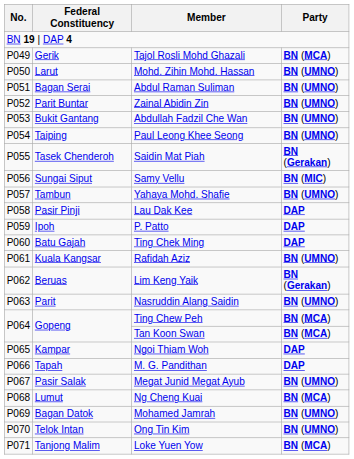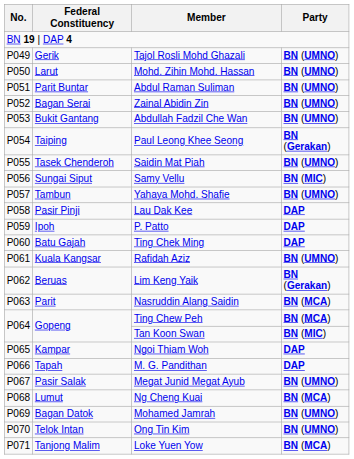 <table class="wikitable sortable">
 <tr>
 <th style="width:30px;">No.</th>
 <th style="width:150px;">Federal Constituency</th>
 <th style="width:230px;">Member</th>
 <th style="width:100px;">Party</th>
 </tr>
 <tr>
 <td colspan="4"><a href='#'>BN</a> <strong>19</strong> | <a href='#'>DAP</a> <strong>4</strong></td>
 </tr>
 <tr>
 <td>P049</td>
 <td><a href='#'>Gerik</a></td>
 <td><a href='#'>Tajol Rosli Mohd Ghazali</a></td>
-<td><strong><a href='#'>BN</a></strong> (<strong><a href='#'>MCA</a></strong>)</td>
+<td><strong><a href='#'>BN</a></strong> (<strong><a href='#'>UMNO</a></strong>)</td>
 </tr>
 <tr>
 <td>P050</td>
 <td><a href='#'>Larut</a></td>
 <td><a href='#'>Mohd. Zihin Mohd. Hassan</a></td>
 <td><strong><a href='#'>BN</a></strong> (<strong><a href='#'>UMNO</a></strong>)</td>
 </tr>
 <tr>
 <td>P051</td>
-<td><a href='#'>Bagan Serai</a></td>
+<td><a href='#'>Parit Buntar</a></td>
 <td><a href='#'>Abdul Raman Suliman</a></td>
 <td><strong><a href='#'>BN</a></strong> (<strong><a href='#'>UMNO</a></strong>)</td>
 </tr>
 <tr>
 <td>P052</td>
-<td><a href='#'>Parit Buntar</a></td>
+<td><a href='#'>Bagan Serai</a></td>
 <td><a href='#'>Zainal Abidin Zin</a></td>
 <td><strong><a href='#'>BN</a></strong> (<strong><a href='#'>UMNO</a></strong>)</td>
 </tr>
 <tr>
 <td>P053</td>
 <td><a href='#'>Bukit Gantang</a></td>
 <td><a href='#'>Abdullah Fadzil Che Wan</a></td>
 <td><strong><a href='#'>BN</a></strong> (<strong><a href='#'>UMNO</a></strong>)</td>
 </tr>
 <tr>
 <td>P054</td>
 <td><a href='#'>Taiping</a></td>
 <td><a href='#'>Paul Leong Khee Seong</a></td>
-<td><strong><a href='#'>BN</a></strong> (<strong><a href='#'>UMNO</a></strong>)</td>
+<td><strong><a href='#'>BN</a></strong> (<strong><a href='#'>Gerakan</a></strong>)</td>
 </tr>
 <tr>
 <td>P055</td>
 <td><a href='#'>Tasek Chenderoh</a></td>
 <td><a href='#'>Saidin Mat Piah</a></td>
-<td><strong><a href='#'>BN</a></strong> (<strong><a href='#'>Gerakan</a></strong>)</td>
+<td><strong><a href='#'>BN</a></strong> (<strong><a href='#'>UMNO</a></strong>)</td>
 </tr>
 <tr>
 <td>P056</td>
 <td><a href='#'>Sungai Siput</a></td>
 <td><a href='#'>Samy Vellu</a></td>
 <td><strong><a href='#'>BN</a></strong> (<strong><a href='#'>MIC</a></strong>)</td>
 </tr>
 <tr>
 <td>P057</td>
 <td><a href='#'>Tambun</a></td>
 <td><a href='#'>Yahaya Mohd. Shafie</a></td>
 <td><strong><a href='#'>BN</a></strong> (<strong><a href='#'>UMNO</a></strong>)</td>
 </tr>
 <tr>
 <td>P058</td>
 <td><a href='#'>Pasir Pinji</a></td>
 <td><a href='#'>Lau Dak Kee</a></td>
 <td><strong><a href='#'>DAP</a></strong></td>
 </tr>
 <tr>
 <td>P059</td>
 <td><a href='#'>Ipoh</a></td>
 <td><a href='#'>P. Patto</a></td>
 <td><strong><a href='#'>DAP</a></strong></td>
 </tr>
 <tr>
 <td>P060</td>
 <td><a href='#'>Batu Gajah</a></td>
 <td><a href='#'>Ting Chek Ming</a></td>
 <td><strong><a href='#'>DAP</a></strong></td>
 </tr>
 <tr>
 <td>P061</td>
 <td><a href='#'>Kuala Kangsar</a></td>
 <td><a href='#'>Rafidah Aziz</a></td>
 <td><strong><a href='#'>BN</a></strong> (<strong><a href='#'>UMNO</a></strong>)</td>
 </tr>
 <tr>
 <td>P062</td>
 <td><a href='#'>Beruas</a></td>
 <td><a href='#'>Lim Keng Yaik</a></td>
 <td><strong><a href='#'>BN</a></strong> (<strong><a href='#'>Gerakan</a></strong>)</td>
 </tr>
 <tr>
 <td>P063</td>
 <td><a href='#'>Parit</a></td>
 <td><a href='#'>Nasruddin Alang Saidin</a></td>
-<td><strong><a href='#'>BN</a></strong> (<strong><a href='#'>UMNO</a></strong>)</td>
+<td><strong><a href='#'>BN</a></strong> (<strong><a href='#'>MCA</a></strong>)</td>
 </tr>
 <tr>
 <td rowspan=2>P064</td>
 <td rowspan=2><a href='#'>Gopeng</a></td>
 <td><a href='#'>Ting Chew Peh</a> </td>
 <td><strong><a href='#'>BN</a></strong> (<strong><a href='#'>MCA</a></strong>)</td>
 </tr>
 <tr>
 <td><a href='#'>Tan Koon Swan</a> </td>
-<td><strong><a href='#'>BN</a></strong> (<strong><a href='#'>MCA</a></strong>)</td>
+<td><strong><a href='#'>BN</a></strong> (<strong><a href='#'>MIC</a></strong>)</td>
 </tr>
 <tr>
 <td>P065</td>
 <td><a href='#'>Kampar</a></td>
 <td><a href='#'>Ngoi Thiam Woh</a></td>
 <td><strong><a href='#'>DAP</a></strong></td>
 </tr>
 <tr>
 <td>P066</td>
 <td><a href='#'>Tapah</a></td>
 <td><a href='#'>M. G. Pandithan</a></td>
 <td><strong><a href='#'>DAP</a></strong></td>
 </tr>
 <tr>
 <td>P067</td>
 <td><a href='#'>Pasir Salak</a></td>
 <td><a href='#'>Megat Junid Megat Ayub</a></td>
 <td><strong><a href='#'>BN</a></strong> (<strong><a href='#'>UMNO</a></strong>)</td>
 </tr>
 <tr>
 <td>P068</td>
 <td><a href='#'>Lumut</a></td>
 <td><a href='#'>Ng Cheng Kuai</a></td>
 <td><strong><a href='#'>BN</a></strong> (<strong><a href='#'>MCA</a></strong>)</td>
 </tr>
 <tr>
 <td>P069</td>
 <td><a href='#'>Bagan Datok</a></td>
 <td><a href='#'>Mohamed Jamrah</a></td>
 <td><strong><a href='#'>BN</a></strong> (<strong><a href='#'>UMNO</a></strong>)</td>
 </tr>
 <tr>
 <td>P070</td>
 <td><a href='#'>Telok Intan</a></td>
 <td><a href='#'>Ong Tin Kim</a></td>
 <td><strong><a href='#'>BN</a></strong> (<strong><a href='#'>UMNO</a></strong>)</td>
 </tr>
 <tr>
 <td>P071</td>
 <td><a href='#'>Tanjong Malim</a></td>
 <td><a href='#'>Loke Yuen Yow</a></td>
 <td><strong><a href='#'>BN</a></strong> (<strong><a href='#'>MCA</a></strong>)</td>
 </tr>
 </table>
